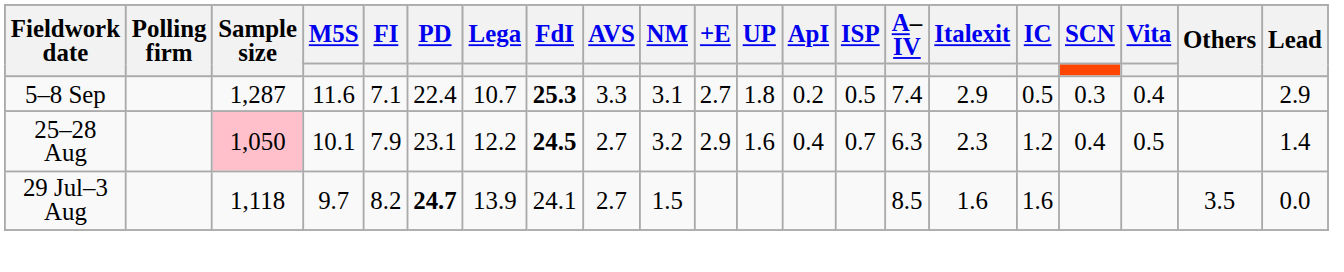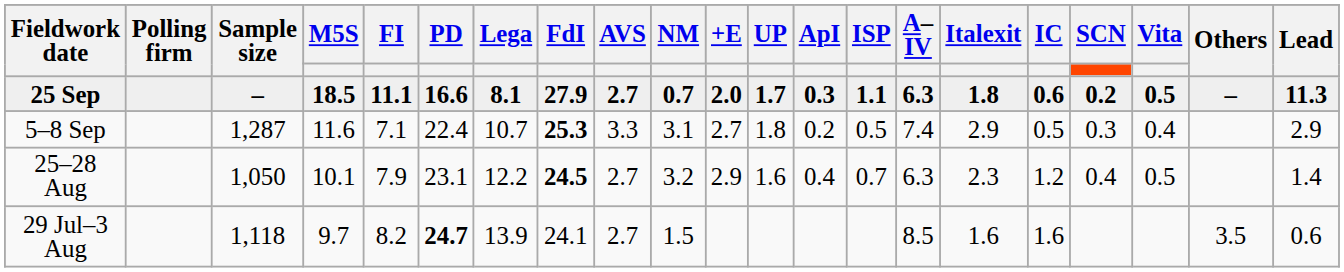 <table class="wikitable mw-collapsible" style="text-align:center;font-size:85%;line-height:13px">
 <tr style="height:30px; background-color:#8B8B8B">
 <th rowspan="2" style="width:100px;">Fieldwork date</th>
 <th rowspan="2" style="width:150px;">Polling firm</th>
 <th rowspan="2" style="width:80px;">Sample size</th>
 <th style="width:35px;"><a href='#'>M5S</a></th>
 <th style="width:35px;"><a href='#'>FI</a></th>
 <th style="width:35px;"><a href='#'>PD</a></th>
 <th style="width:35px;"><a href='#'>Lega</a></th>
 <th style="width:35px;"><a href='#'>FdI</a></th>
 <th style="width:35px;"><a href='#'>AVS</a></th>
 <th style="width:35px;"><a href='#'>NM</a></th>
 <th style="width:35px;"><a href='#'>+E</a></th>
 <th style="width:35px;"><a href='#'>UP</a></th>
 <th style="width:35px;"><a href='#'>ApI</a></th>
 <th style="width:35px;"><a href='#'>ISP</a></th>
 <th style="width:35px;"><a href='#'>A</a>–<a href='#'>IV</a></th>
 <th style="width:35px;"><a href='#'>Italexit</a></th>
 <th style="width:35px;"><a href='#'>IC</a></th>
 <th style="width:35px;"><a href='#'>SCN</a></th>
 <th style="width:35px;"><a href='#'>Vita</a></th>
 <th rowspan="2" style="width:35px;">Others</th>
 <th rowspan="2" style="width:25px;">Lead</th>
 </tr>
 <tr>
 <th style="background:"></th>
 <th style="background:"></th>
 <th style="background:"></th>
 <th style="background:"></th>
 <th style="background:"></th>
 <th style="background:"></th>
 <th style="background:"></th>
 <th style="background:"></th>
 <th style="background:"></th>
 <th style="background:"></th>
 <th style="background:"></th>
 <th style="background:"></th>
 <th style="background:"></th>
 <th style="background:"></th>
 <th style="background:#FF4500;"></th>
 <th style="background:"></th>
 </tr>
+<tr style="background:#EFEFEF; font-weight:bold;">
+<td>25 Sep</td>
+<td> </td>
+<td>–</td>
+<td>18.5</td>
+<td>11.1</td>
+<td>16.6</td>
+<td>8.1</td>
+<td><strong>27.9</strong></td>
+<td>2.7</td>
+<td>0.7</td>
+<td>2.0</td>
+<td>1.7</td>
+<td>0.3</td>
+<td>1.1</td>
+<td>6.3</td>
+<td>1.8</td>
+<td>0.6</td>
+<td>0.2</td>
+<td>0.5</td>
+<td>–</td>
+<td style="background:">11.3</td>
+</tr>
 <tr>
 <td>5–8 Sep</td>
 <td></td>
 <td>1,287</td>
 <td>11.6</td>
 <td>7.1</td>
 <td>22.4</td>
 <td>10.7</td>
 <td><strong>25.3</strong></td>
 <td>3.3</td>
 <td>3.1</td>
 <td>2.7</td>
 <td>1.8</td>
 <td>0.2</td>
 <td>0.5</td>
 <td>7.4</td>
 <td>2.9</td>
 <td>0.5</td>
 <td>0.3</td>
 <td>0.4</td>
 <td></td>
 <td style="background:">2.9</td>
 </tr>
 <tr>
 <td>25–28 Aug</td>
 <td></td>
-<td style="background: pink;">1,050</td>
+<td>1,050</td>
 <td>10.1</td>
 <td>7.9</td>
 <td>23.1</td>
 <td>12.2</td>
 <td><strong>24.5</strong></td>
 <td>2.7</td>
 <td>3.2</td>
 <td>2.9</td>
 <td>1.6</td>
 <td>0.4</td>
 <td>0.7</td>
 <td>6.3</td>
 <td>2.3</td>
 <td>1.2</td>
 <td>0.4</td>
 <td>0.5</td>
 <td></td>
 <td style="background:">1.4</td>
 </tr>
 <tr>
 <td>29 Jul–3 Aug</td>
 <td> </td>
 <td>1,118</td>
 <td>9.7</td>
 <td>8.2</td>
 <td><strong>24.7</strong></td>
 <td>13.9</td>
 <td>24.1</td>
 <td>2.7</td>
 <td>1.5</td>
 <td></td>
 <td></td>
 <td></td>
 <td></td>
 <td>8.5</td>
 <td>1.6</td>
 <td>1.6</td>
 <td></td>
 <td></td>
 <td>3.5</td>
-<td style="background:">0.0</td>
+<td style="background:">0.6</td>
 </tr>
 </table>
